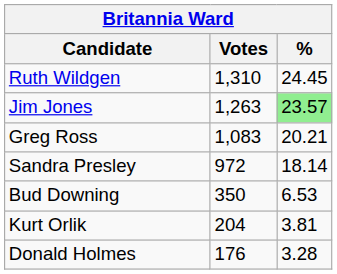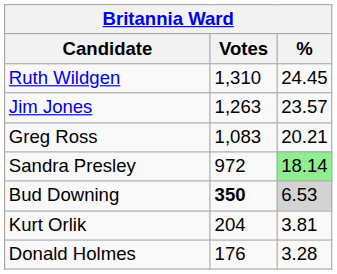 <table class="wikitable">
 <tr>
 <th colspan="3"><a href='#'>Britannia Ward</a></th>
 </tr>
 <tr>
 <th style="width: 170px">Candidate</th>
 <th style="width: 50px">Votes</th>
 <th style="width: 40px">%</th>
 </tr>
 <tr>
 <td><a href='#'>Ruth Wildgen</a></td>
 <td>1,310</td>
 <td>24.45</td>
 </tr>
 <tr>
 <td><a href='#'>Jim Jones</a></td>
 <td>1,263</td>
-<td style="background: lightgreen;">23.57</td>
+<td>23.57</td>
 </tr>
 <tr>
 <td>Greg Ross</td>
 <td>1,083</td>
 <td>20.21</td>
 </tr>
 <tr>
 <td>Sandra Presley</td>
 <td>972</td>
-<td>18.14</td>
+<td style="background: lightgreen;">18.14</td>
 </tr>
 <tr>
 <td>Bud Downing</td>
-<td>350</td>
-<td>6.53</td>
+<td><strong>350</strong></td>
+<td style="background: lightgrey;">6.53</td>
 </tr>
 <tr>
 <td>Kurt Orlik</td>
 <td>204</td>
 <td>3.81</td>
 </tr>
 <tr>
 <td>Donald Holmes</td>
 <td>176</td>
 <td>3.28</td>
 </tr>
 </table>
